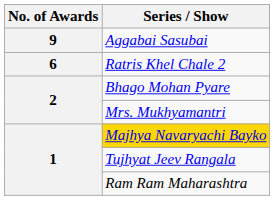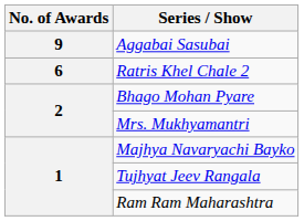 <table class="wikitable" style="display:inline-table;">
 <tr>
 <th>No. of Awards</th>
 <th>Series / Show</th>
 </tr>
 <tr>
 <th>9</th>
 <td><em><a href='#'>Aggabai Sasubai</a></em></td>
 </tr>
 <tr>
 <th>6</th>
 <td><em><a href='#'>Ratris Khel Chale 2</a></em></td>
 </tr>
 <tr>
 <th rowspan="2">2</th>
 <td><em><a href='#'>Bhago Mohan Pyare</a></em></td>
 </tr>
 <tr>
 <td><em><a href='#'>Mrs. Mukhyamantri</a></em></td>
 </tr>
 <tr>
 <th rowspan="3">1</th>
-<td style="background: gold;"><em><a href='#'>Majhya Navaryachi Bayko</a></em></td>
+<td><em><a href='#'>Majhya Navaryachi Bayko</a></em></td>
 </tr>
 <tr>
 <td><em><a href='#'>Tujhyat Jeev Rangala</a></em></td>
 </tr>
 <tr>
 <td><em>Ram Ram Maharashtra</em></td>
 </tr>
 </table>
